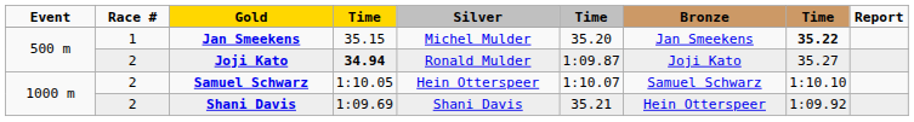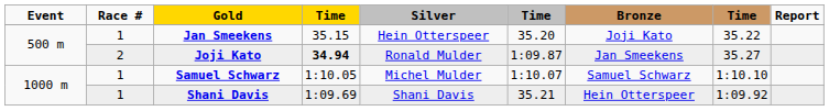 <table class="wikitable">
 <tr>
 <td width="80" align="center"><strong>Event</strong></td>
 <td width="65" align="center"><strong>Race #</strong></td>
 <td width="150" bgcolor="gold" align="center"><strong>Gold</strong></td>
 <td width="50" bgcolor="gold" align="center"><strong>Time</strong></td>
 <td width="150" bgcolor="silver" align="center"><strong>Silver</strong></td>
 <td width="50" bgcolor="silver" align="center"><strong>Time</strong></td>
 <td width="150" bgcolor="#CC9966" align="center"><strong>Bronze</strong></td>
 <td width="50" bgcolor="#CC9966" align="center"><strong>Time</strong></td>
 <td width="50" align="center"><strong>Report</strong></td>
 </tr>
 <tr bgcolor="#cccccc">
 </tr>
 <tr>
 <td rowspan=2 align="center">500 m</td>
 <td align="center">1</td>
 <td align="center"><strong><a href='#'>Jan Smeekens</a></strong><br><small></small></td>
 <td align="center">35.15</td>
-<td align="center"><a href='#'>Michel Mulder</a><br><small></small></td>
+<td align="center"><a href='#'>Hein Otterspeer</a><br><small></small></td>
 <td align="center">35.20</td>
-<td align="center"><a href='#'>Jan Smeekens</a><br><small></small></td>
-<td align="center"><strong>35.22</strong></td>
+<td align="center"><a href='#'>Joji Kato</a><br><small></small></td>
+<td align="center">35.22</td>
 <td align="center"></td>
 </tr>
 <tr bgcolor="#eeeeee">
 <td align="center">2</td>
 <td align="center"><strong><a href='#'>Joji Kato</a></strong><br><small></small></td>
 <td align="center"><strong>34.94</strong></td>
 <td align="center"><a href='#'>Ronald Mulder</a><br><small></small></td>
 <td align="center">1:09.87</td>
-<td align="center"><a href='#'>Joji Kato</a><br><small></small></td>
+<td align="center"><a href='#'>Jan Smeekens</a><br><small></small></td>
 <td align="center">35.27</td>
 <td align="center"></td>
 </tr>
 <tr>
 <td rowspan=2 align="center">1000 m</td>
-<td align="center">2</td>
+<td align="center">1</td>
 <td align="center"><strong><a href='#'>Samuel Schwarz</a></strong><br><small></small></td>
 <td align="center">1:10.05</td>
-<td align="center"><a href='#'>Hein Otterspeer</a><br><small></small></td>
+<td align="center"><a href='#'>Michel Mulder</a><br><small></small></td>
 <td align="center">1:10.07</td>
 <td align="center"><a href='#'>Samuel Schwarz</a><br><small></small></td>
 <td align="center">1:10.10</td>
 <td align="center"></td>
 </tr>
 <tr bgcolor="#eeeeee">
-<td align="center">2</td>
+<td align="center">1</td>
 <td align="center"><strong><a href='#'>Shani Davis</a></strong><br><small></small></td>
 <td align="center">1:09.69</td>
 <td align="center"><a href='#'>Shani Davis</a><br><small></small></td>
 <td align="center">35.21</td>
 <td align="center"><a href='#'>Hein Otterspeer</a><br><small></small></td>
 <td align="center">1:09.92</td>
 <td align="center"></td>
 </tr>
 </table>
